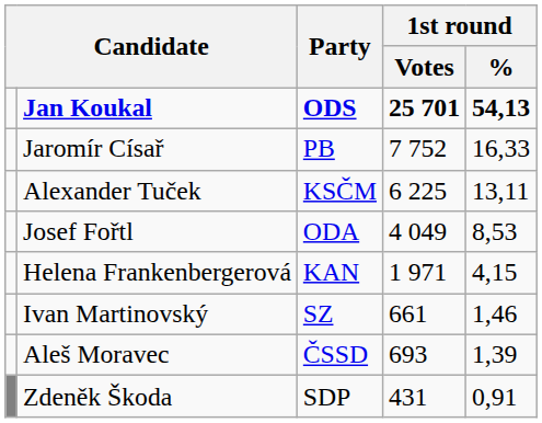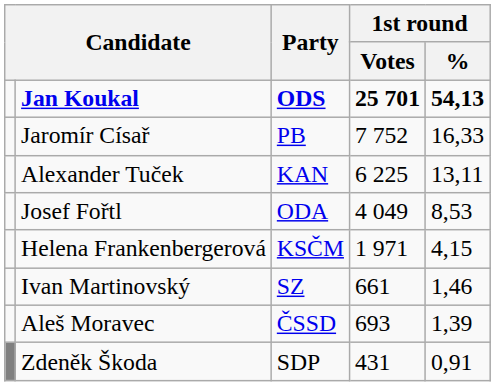 <table class="wikitable sortable">
 <tr>
 <th colspan="2" rowspan="2">Candidate</th>
 <th rowspan="2">Party</th>
 <th colspan="2">1st round</th>
 </tr>
 <tr>
 <th>Votes</th>
 <th>%</th>
 </tr>
 <tr>
 <td style="background-color:"></td>
 <td><strong><a href='#'>Jan Koukal</a></strong></td>
 <td><a href='#'><strong>ODS</strong></a></td>
 <td><strong>25 701</strong></td>
 <td><strong>54,13</strong></td>
 </tr>
 <tr>
 <td style="background-color:"></td>
 <td>Jaromír Císař</td>
 <td><a href='#'>PB</a></td>
 <td>7 752</td>
 <td>16,33</td>
 </tr>
 <tr>
 <td style="background-color:"></td>
 <td>Alexander Tuček</td>
-<td><a href='#'>KSČM</a></td>
+<td><a href='#'>KAN</a></td>
 <td>6 225</td>
 <td>13,11</td>
 </tr>
 <tr>
 <td style="background-color:"></td>
 <td>Josef Fořtl</td>
 <td><a href='#'>ODA</a></td>
 <td>4 049</td>
 <td>8,53</td>
 </tr>
 <tr>
 <td style="background-color:"></td>
 <td>Helena Frankenbergerová</td>
-<td><a href='#'>KAN</a></td>
+<td><a href='#'>KSČM</a></td>
 <td>1 971</td>
 <td>4,15</td>
 </tr>
 <tr>
 <td style="background-color:"></td>
 <td>Ivan Martinovský</td>
 <td><a href='#'>SZ</a></td>
 <td>661</td>
 <td>1,46</td>
 </tr>
 <tr>
 <td style="background-color:"></td>
 <td>Aleš Moravec</td>
 <td><a href='#'>ČSSD</a></td>
 <td>693</td>
 <td>1,39</td>
 </tr>
 <tr>
 <td style="background-color:grey"></td>
 <td>Zdeněk Škoda</td>
 <td>SDP</td>
 <td>431</td>
 <td>0,91</td>
 </tr>
 </table>
